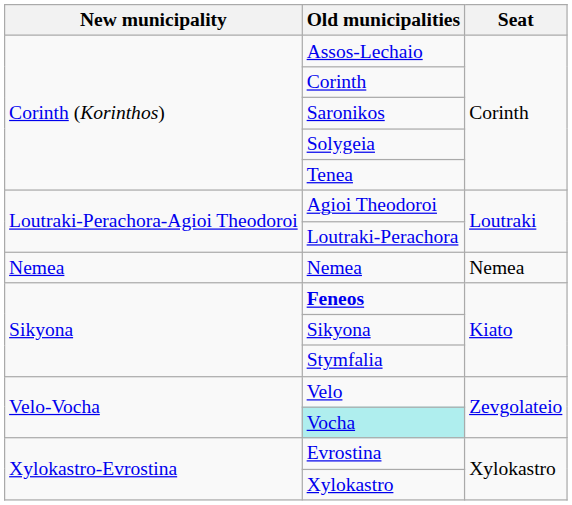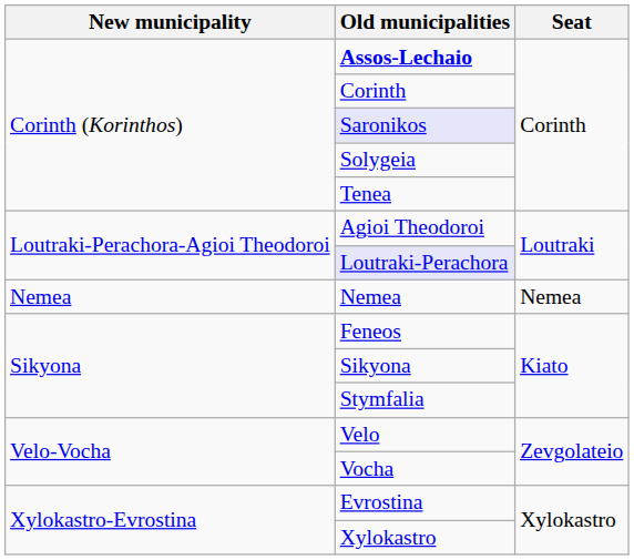 <table class="wikitable">
 <tr>
 <th>New municipality</th>
 <th>Old municipalities</th>
 <th>Seat</th>
 </tr>
 <tr>
 <td rowspan=5><a href='#'>Corinth</a> (<em>Korinthos</em>)</td>
-<td><a href='#'>Assos-Lechaio</a></td>
+<td><strong><a href='#'>Assos-Lechaio</a></strong></td>
 <td rowspan=5>Corinth</td>
 </tr>
 <tr>
 <td><a href='#'>Corinth</a></td>
 </tr>
 <tr>
-<td><a href='#'>Saronikos</a></td>
+<td style="background: lavender;"><a href='#'>Saronikos</a></td>
 </tr>
 <tr>
 <td><a href='#'>Solygeia</a></td>
 </tr>
 <tr>
 <td><a href='#'>Tenea</a></td>
 </tr>
 <tr>
 <td rowspan=2><a href='#'>Loutraki-Perachora-Agioi Theodoroi</a></td>
 <td><a href='#'>Agioi Theodoroi</a></td>
 <td rowspan=2><a href='#'>Loutraki</a></td>
 </tr>
 <tr>
-<td><a href='#'>Loutraki-Perachora</a></td>
+<td style="background: lavender;"><a href='#'>Loutraki-Perachora</a></td>
 </tr>
 <tr>
 <td><a href='#'>Nemea</a></td>
 <td><a href='#'>Nemea</a></td>
 <td>Nemea</td>
 </tr>
 <tr>
 <td rowspan=3><a href='#'>Sikyona</a></td>
-<td><strong><a href='#'>Feneos</a></strong></td>
+<td><a href='#'>Feneos</a></td>
 <td rowspan=3><a href='#'>Kiato</a></td>
 </tr>
 <tr>
 <td><a href='#'>Sikyona</a></td>
 </tr>
 <tr>
 <td><a href='#'>Stymfalia</a></td>
 </tr>
 <tr>
 <td rowspan=2><a href='#'>Velo-Vocha</a></td>
 <td><a href='#'>Velo</a></td>
 <td rowspan=2><a href='#'>Zevgolateio</a></td>
 </tr>
 <tr>
-<td style="background: paleturquoise;"><a href='#'>Vocha</a></td>
+<td><a href='#'>Vocha</a></td>
 </tr>
 <tr>
 <td rowspan=2><a href='#'>Xylokastro-Evrostina</a></td>
 <td><a href='#'>Evrostina</a></td>
 <td rowspan=2>Xylokastro</td>
 </tr>
 <tr>
 <td><a href='#'>Xylokastro</a></td>
 </tr>
 </table>
